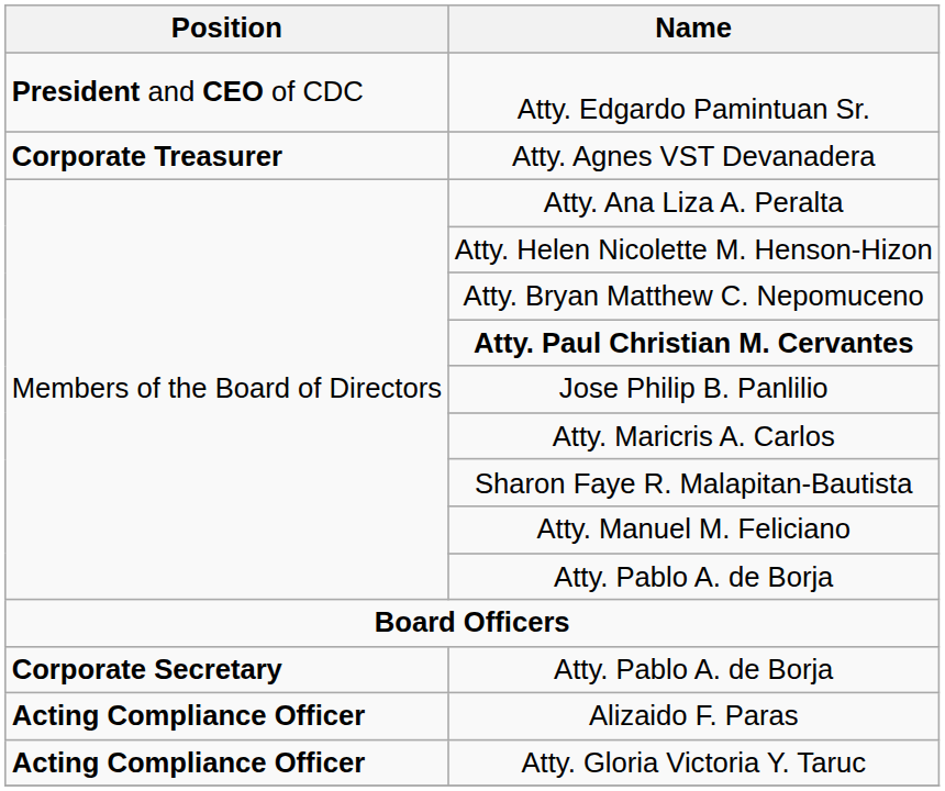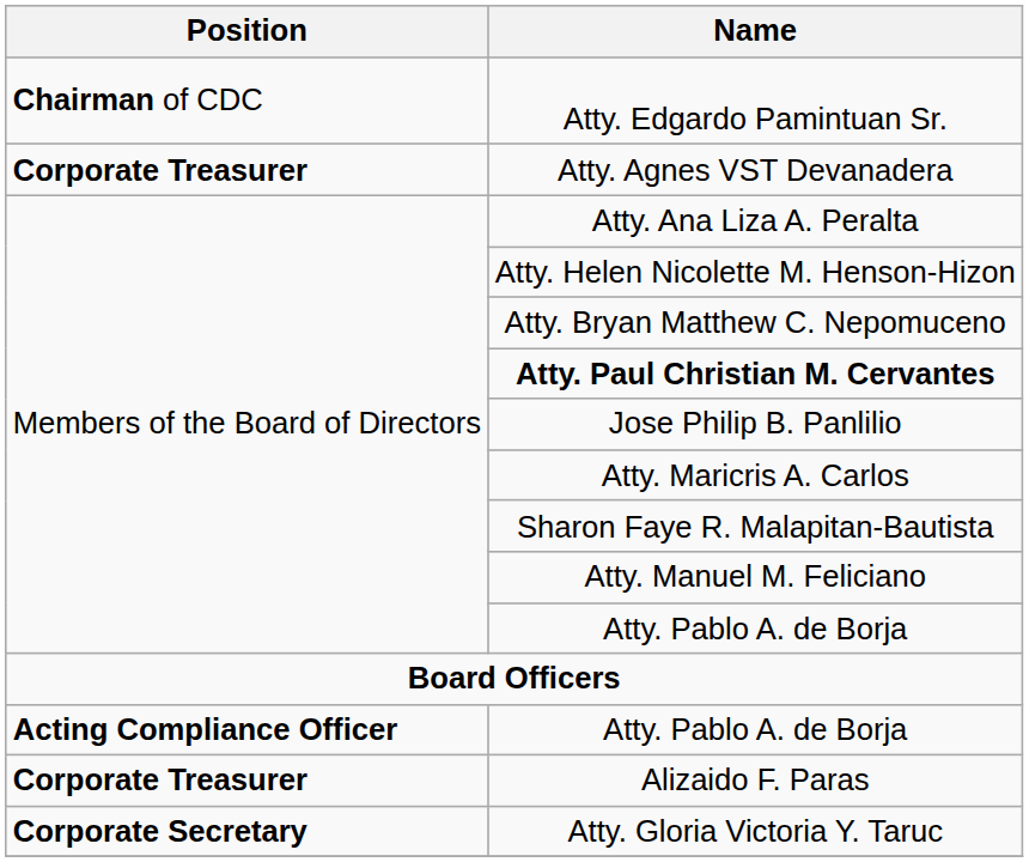 <table class="wikitable" style="line-height:1.20em; font-size:100%;">
 <tr>
 <th>Position</th>
 <th>Name</th>
 </tr>
 <tr>
-<td><strong>President</strong> and <strong>CEO</strong> of CDC</td>
+<td><strong>Chairman</strong> of CDC</td>
 <td style="text-align:center;"><br>Atty. Edgardo Pamintuan Sr.</td>
 </tr>
 <tr>
 <td><strong>Corporate Treasurer</strong></td>
 <td style="text-align:center;">Atty. Agnes VST Devanadera</td>
 </tr>
 <tr>
 <td rowspan="9">Members of the Board of Directors</td>
 <td style="text-align:center;">Atty. Ana Liza A. Peralta</td>
 </tr>
 <tr>
 <td style="text-align:center;">Atty. Helen Nicolette M. Henson-Hizon</td>
 </tr>
 <tr>
 <td style="text-align:center;">Atty. Bryan Matthew C. Nepomuceno</td>
 </tr>
 <tr>
 <td style="text-align:center;"><strong>Atty. Paul Christian M. Cervantes</strong></td>
 </tr>
 <tr>
 <td style="text-align:center;">Jose Philip B. Panlilio</td>
 </tr>
 <tr>
 <td style="text-align:center;">Atty. Maricris A. Carlos</td>
 </tr>
 <tr>
 <td style="text-align:center;">Sharon Faye R. Malapitan-Bautista</td>
 </tr>
 <tr>
 <td style="text-align:center;">Atty. Manuel M. Feliciano</td>
 </tr>
 <tr>
 <td style="text-align:center;">Atty. Pablo A. de Borja</td>
 </tr>
 <tr>
 <td colspan="2" style="text-align:center;"><strong>Board Officers</strong></td>
 </tr>
 <tr>
-<td><strong>Corporate Secretary</strong></td>
+<td><strong>Acting Compliance Officer</strong></td>
 <td style="text-align:center;">Atty. Pablo A. de Borja</td>
 </tr>
 <tr>
-<td><strong>Acting Compliance Officer</strong></td>
+<td><strong>Corporate Treasurer</strong></td>
 <td style="text-align:center;">Alizaido F. Paras</td>
 </tr>
 <tr>
-<td><strong>Acting Compliance Officer</strong></td>
+<td><strong>Corporate Secretary</strong></td>
 <td style="text-align:center;">Atty. Gloria Victoria Y. Taruc</td>
 </tr>
 <tr>
 </tr>
 </table>
